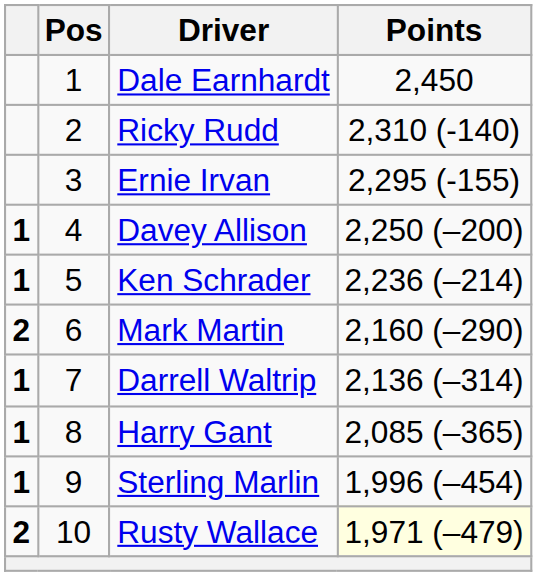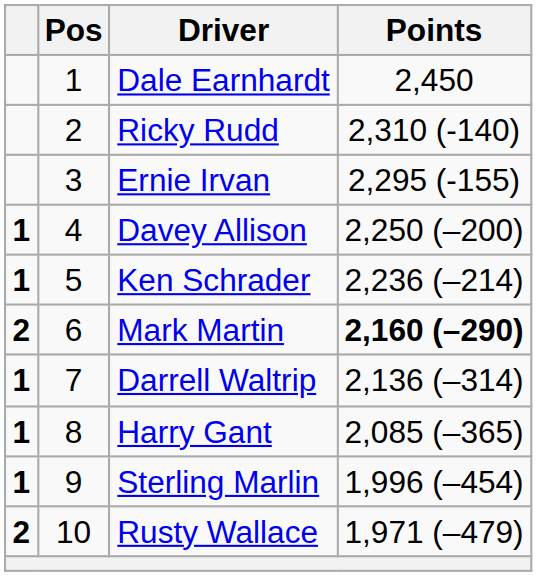 <table class="wikitable" style="font-size: 95%;">
 <tr>
 <th></th>
 <th>Pos</th>
 <th>Driver</th>
 <th>Points</th>
 </tr>
 <tr>
 <td align="left"></td>
 <td style="text-align:center;">1</td>
 <td><a href='#'>Dale Earnhardt</a></td>
 <td style="text-align:center;">2,450</td>
 </tr>
 <tr>
 <td align="left"></td>
 <td style="text-align:center;">2</td>
 <td><a href='#'>Ricky Rudd</a></td>
 <td style="text-align:center;">2,310 (-140)</td>
 </tr>
 <tr>
 <td align="left"></td>
 <td style="text-align:center;">3</td>
 <td><a href='#'>Ernie Irvan</a></td>
 <td style="text-align:center;">2,295 (-155)</td>
 </tr>
 <tr>
 <td align="left">  <strong>1</strong></td>
 <td style="text-align:center;">4</td>
 <td><a href='#'>Davey Allison</a></td>
 <td style="text-align:center;">2,250 (–200)</td>
 </tr>
 <tr>
 <td align="left">  <strong>1</strong></td>
 <td style="text-align:center;">5</td>
 <td><a href='#'>Ken Schrader</a></td>
 <td style="text-align:center;">2,236 (–214)</td>
 </tr>
 <tr>
 <td align="left">  <strong>2</strong></td>
 <td style="text-align:center;">6</td>
 <td><a href='#'>Mark Martin</a></td>
-<td style="text-align:center;">2,160 (–290)</td>
+<td style="text-align:center;"><strong>2,160 (–290)</strong></td>
 </tr>
 <tr>
 <td align="left">  <strong>1</strong></td>
 <td style="text-align:center;">7</td>
 <td><a href='#'>Darrell Waltrip</a></td>
 <td style="text-align:center;">2,136 (–314)</td>
 </tr>
 <tr>
 <td align="left">  <strong>1</strong></td>
 <td style="text-align:center;">8</td>
 <td><a href='#'>Harry Gant</a></td>
 <td style="text-align:center;">2,085 (–365)</td>
 </tr>
 <tr>
 <td align="left">  <strong>1</strong></td>
 <td style="text-align:center;">9</td>
 <td><a href='#'>Sterling Marlin</a></td>
 <td style="text-align:center;">1,996 (–454)</td>
 </tr>
 <tr>
 <td align="left">  <strong>2</strong></td>
 <td style="text-align:center;">10</td>
 <td><a href='#'>Rusty Wallace</a></td>
-<td style="background: lightyellow; text-align:center;">1,971 (–479)</td>
+<td style="text-align:center;">1,971 (–479)</td>
 </tr>
 <tr class="sortbottom">
 <th colspan="9"></th>
 </tr>
 </table>
